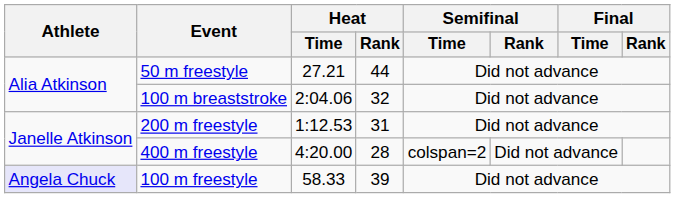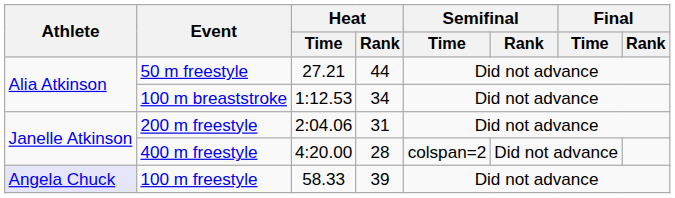 <table class=wikitable style="font-size:90%">
 <tr>
 <th rowspan="2">Athlete</th>
 <th rowspan="2">Event</th>
 <th colspan="2">Heat</th>
 <th colspan="2">Semifinal</th>
 <th colspan="2">Final</th>
 </tr>
 <tr style="font-size:95%">
 <th>Time</th>
 <th>Rank</th>
 <th>Time</th>
 <th>Rank</th>
 <th>Time</th>
 <th>Rank</th>
 </tr>
 <tr align=center>
 <td align=left rowspan=2><a href='#'>Alia Atkinson</a></td>
 <td align=left><a href='#'>50 m freestyle</a></td>
 <td>27.21</td>
 <td>44</td>
 <td colspan=4>Did not advance</td>
 </tr>
 <tr align=center>
 <td align=left><a href='#'>100 m breaststroke</a></td>
-<td>2:04.06</td>
-<td>32</td>
+<td>1:12.53</td>
+<td>34</td>
 <td colspan=4>Did not advance</td>
 </tr>
 <tr align=center>
 <td align=left rowspan=2><a href='#'>Janelle Atkinson</a></td>
 <td align=left><a href='#'>200 m freestyle</a></td>
-<td>1:12.53</td>
+<td>2:04.06</td>
 <td>31</td>
 <td colspan=4>Did not advance</td>
 </tr>
 <tr align=center>
 <td align=left><a href='#'>400 m freestyle</a></td>
 <td>4:20.00</td>
 <td>28</td>
 <td>colspan=2 </td>
 <td colspan=2>Did not advance</td>
 </tr>
 <tr align=center>
 <td align=left style="background: lavender;"><a href='#'>Angela Chuck</a></td>
 <td align=left><a href='#'>100 m freestyle</a></td>
 <td>58.33</td>
 <td>39</td>
 <td colspan=4>Did not advance</td>
 </tr>
 </table>
